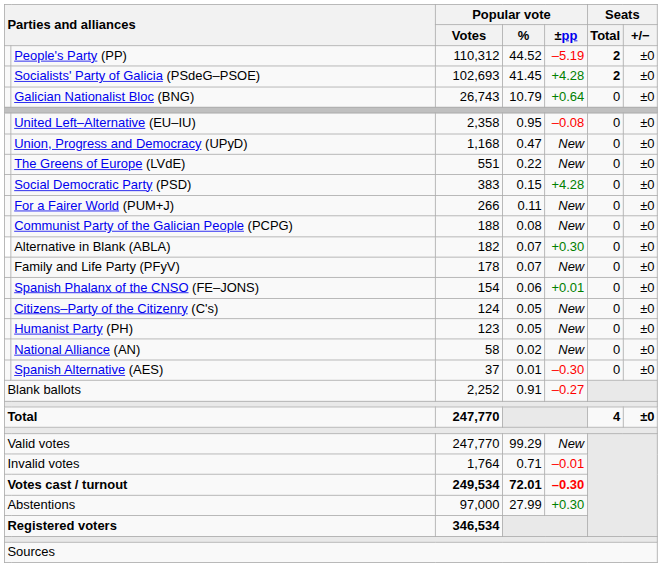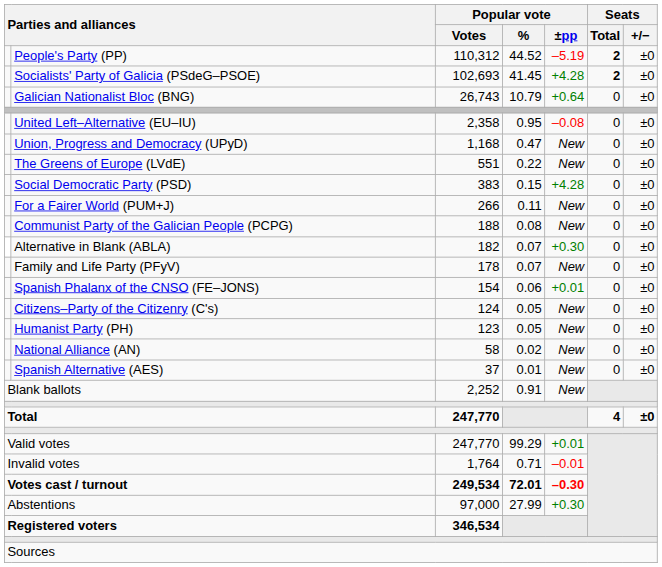 <table class="wikitable" style="text-align:right;">
 <tr>
 <th style="text-align:left;" rowspan="2" colspan="2" width="525">Parties and alliances</th>
 <th colspan="3">Popular vote</th>
 <th colspan="2">Seats</th>
 </tr>
 <tr>
 <th width="75">Votes</th>
 <th width="45">%</th>
 <th width="45">±<a href='#'>pp</a></th>
 <th width="35">Total</th>
 <th width="35">+/−</th>
 </tr>
 <tr>
 <td width="1" style="color:inherit;background:"></td>
 <td align="left"><a href='#'>People's Party</a> (PP)</td>
 <td>110,312</td>
 <td>44.52</td>
 <td style="color:red;">–5.19</td>
 <td><strong>2</strong></td>
 <td>±0</td>
 </tr>
 <tr>
 <td style="color:inherit;background:"></td>
 <td align="left"><a href='#'>Socialists' Party of Galicia</a> (PSdeG–PSOE)</td>
 <td>102,693</td>
 <td>41.45</td>
 <td style="color:green;">+4.28</td>
 <td><strong>2</strong></td>
 <td>±0</td>
 </tr>
 <tr>
 <td style="color:inherit;background:"></td>
 <td align="left"><a href='#'>Galician Nationalist Bloc</a> (BNG)</td>
 <td>26,743</td>
 <td>10.79</td>
 <td style="color:green;">+0.64</td>
 <td>0</td>
 <td>±0</td>
 </tr>
 <tr>
 <td colspan="7" bgcolor="#C0C0C0"></td>
 </tr>
 <tr>
 <td style="color:inherit;background:"></td>
 <td align="left"><a href='#'>United Left–Alternative</a> (EU–IU)</td>
 <td>2,358</td>
 <td>0.95</td>
 <td style="color:red;">–0.08</td>
 <td>0</td>
 <td>±0</td>
 </tr>
 <tr>
 <td style="color:inherit;background:"></td>
 <td align="left"><a href='#'>Union, Progress and Democracy</a> (UPyD)</td>
 <td>1,168</td>
 <td>0.47</td>
 <td><em>New</em></td>
 <td>0</td>
 <td>±0</td>
 </tr>
 <tr>
 <td style="color:inherit;background:"></td>
 <td align="left"><a href='#'>The Greens of Europe</a> (LVdE)</td>
 <td>551</td>
 <td>0.22</td>
 <td><em>New</em></td>
 <td>0</td>
 <td>±0</td>
 </tr>
 <tr>
 <td style="color:inherit;background:"></td>
 <td align="left"><a href='#'>Social Democratic Party</a> (PSD)</td>
 <td>383</td>
 <td>0.15</td>
 <td style="color:green;">+4.28</td>
 <td>0</td>
 <td>±0</td>
 </tr>
 <tr>
 <td style="color:inherit;background:"></td>
 <td align="left"><a href='#'>For a Fairer World</a> (PUM+J)</td>
 <td>266</td>
 <td>0.11</td>
 <td><em>New</em></td>
 <td>0</td>
 <td>±0</td>
 </tr>
 <tr>
 <td style="color:inherit;background:"></td>
 <td align="left"><a href='#'>Communist Party of the Galician People</a> (PCPG)</td>
 <td>188</td>
 <td>0.08</td>
 <td><em>New</em></td>
 <td>0</td>
 <td>±0</td>
 </tr>
 <tr>
 <td bgcolor="white"></td>
 <td align="left">Alternative in Blank (ABLA)</td>
 <td>182</td>
 <td>0.07</td>
 <td style="color:green;">+0.30</td>
 <td>0</td>
 <td>±0</td>
 </tr>
 <tr>
 <td style="color:inherit;background:"></td>
 <td align="left">Family and Life Party (PFyV)</td>
 <td>178</td>
 <td>0.07</td>
 <td><em>New</em></td>
 <td>0</td>
 <td>±0</td>
 </tr>
 <tr>
 <td style="color:inherit;background:"></td>
 <td align="left"><a href='#'>Spanish Phalanx of the CNSO</a> (FE–JONS)</td>
 <td>154</td>
 <td>0.06</td>
 <td style="color:green;">+0.01</td>
 <td>0</td>
 <td>±0</td>
 </tr>
 <tr>
 <td style="color:inherit;background:"></td>
 <td align="left"><a href='#'>Citizens–Party of the Citizenry</a> (C's)</td>
 <td>124</td>
 <td>0.05</td>
 <td><em>New</em></td>
 <td>0</td>
 <td>±0</td>
 </tr>
 <tr>
 <td style="color:inherit;background:"></td>
 <td align="left"><a href='#'>Humanist Party</a> (PH)</td>
 <td>123</td>
 <td>0.05</td>
 <td><em>New</em></td>
 <td>0</td>
 <td>±0</td>
 </tr>
 <tr>
 <td style="color:inherit;background:"></td>
 <td align="left"><a href='#'>National Alliance</a> (AN)</td>
 <td>58</td>
 <td>0.02</td>
 <td><em>New</em></td>
 <td>0</td>
 <td>±0</td>
 </tr>
 <tr>
 <td style="color:inherit;background:"></td>
 <td align="left"><a href='#'>Spanish Alternative</a> (AES)</td>
 <td>37</td>
 <td>0.01</td>
-<td style="color:red;">–0.30</td>
+<td><em>New</em></td>
 <td>0</td>
 <td>±0</td>
 </tr>
 <tr>
 <td align="left" colspan="2">Blank ballots</td>
 <td>2,252</td>
 <td>0.91</td>
-<td style="color:red;">–0.27</td>
+<td><em>New</em></td>
 <td bgcolor="#E9E9E9" colspan="2"></td>
 </tr>
 <tr>
 <td colspan="7" bgcolor="#E9E9E9"></td>
 </tr>
 <tr style="font-weight:bold;">
 <td align="left" colspan="2">Total</td>
 <td>247,770</td>
 <td bgcolor="#E9E9E9" colspan="2"></td>
 <td>4</td>
 <td>±0</td>
 </tr>
 <tr>
 <td colspan="7" bgcolor="#E9E9E9"></td>
 </tr>
 <tr>
 <td align="left" colspan="2">Valid votes</td>
 <td>247,770</td>
 <td>99.29</td>
-<td><em>New</em></td>
+<td style="color:green;">+0.01</td>
 <td bgcolor="#E9E9E9" colspan="2" rowspan="5"></td>
 </tr>
 <tr>
 <td align="left" colspan="2">Invalid votes</td>
 <td>1,764</td>
 <td>0.71</td>
 <td style="color:red;">–0.01</td>
 </tr>
 <tr style="font-weight:bold;">
 <td align="left" colspan="2">Votes cast / turnout</td>
 <td>249,534</td>
 <td>72.01</td>
 <td style="color:red;">–0.30</td>
 </tr>
 <tr>
 <td align="left" colspan="2">Abstentions</td>
 <td>97,000</td>
 <td>27.99</td>
 <td style="color:green;">+0.30</td>
 </tr>
 <tr style="font-weight:bold;">
 <td align="left" colspan="2">Registered voters</td>
 <td>346,534</td>
 <td bgcolor="#E9E9E9" colspan="2"></td>
 </tr>
 <tr>
 <td colspan="7" bgcolor="#E9E9E9"></td>
 </tr>
 <tr>
 <td align="left" colspan="7">Sources</td>
 </tr>
 </table>
